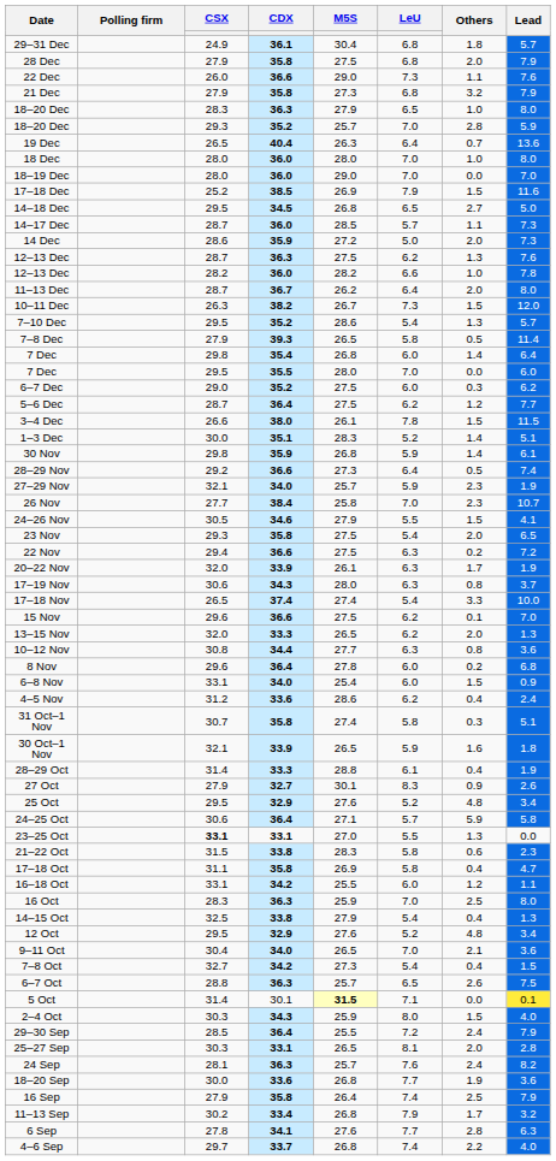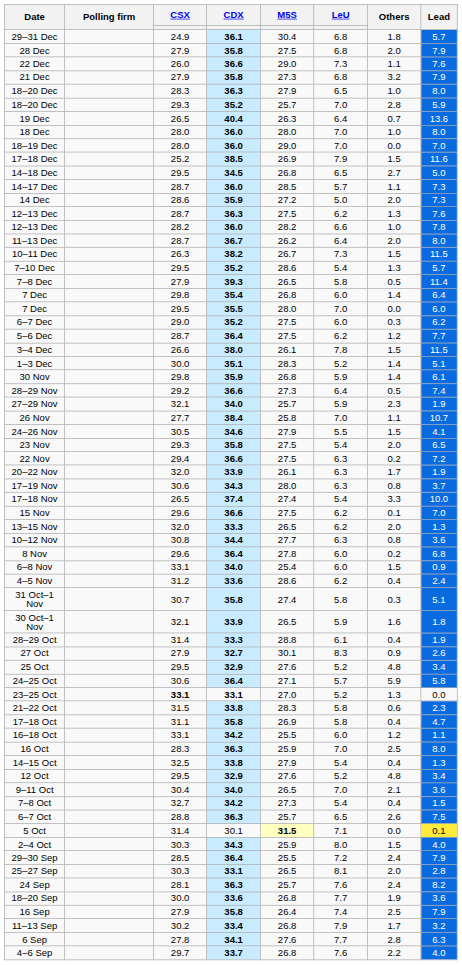 <table class="wikitable collapsible collapsed" style="text-align:center;font-size:85%;line-height:13px">
 <tr style="height:30px; background-color:#E9E9E9">
 <th style="width:80px;" rowspan="2">Date</th>
 <th style="width:120px;" rowspan="2">Polling firm</th>
 <th style="width:70px;"><a href='#'>CSX</a></th>
 <th style="width:70px;"><a href='#'>CDX</a></th>
 <th style="width:70px;"><a href='#'>M5S</a></th>
 <th style="width:70px;"><a href='#'>LeU</a></th>
 <th style="width:70px;" rowspan="2">Others</th>
 <th style="width:45px;" rowspan="2">Lead</th>
 </tr>
 <tr>
 <th style="background:"></th>
 <th style="background:"></th>
 <th style="background:"></th>
 <th style="background:"></th>
 </tr>
 <tr>
 <td>29–31 Dec</td>
 <td></td>
 <td>24.9</td>
 <td style="background:#C8EBFF"><strong>36.1</strong></td>
 <td>30.4</td>
 <td>6.8</td>
 <td>1.8</td>
 <td style="background:#0A6BE1; color:white;">5.7</td>
 </tr>
 <tr>
 <td>28 Dec</td>
 <td></td>
 <td>27.9</td>
 <td style="background:#C8EBFF"><strong>35.8</strong></td>
 <td>27.5</td>
 <td>6.8</td>
 <td>2.0</td>
 <td style="background:#0A6BE1; color:white;">7.9</td>
 </tr>
 <tr>
 <td>22 Dec</td>
 <td> </td>
 <td>26.0</td>
 <td style="background:#C8EBFF"><strong>36.6</strong></td>
 <td>29.0</td>
 <td>7.3</td>
 <td>1.1</td>
 <td style="background:#0A6BE1; color:white;">7.6</td>
 </tr>
 <tr>
 <td>21 Dec</td>
 <td></td>
 <td>27.9</td>
 <td style="background:#C8EBFF"><strong>35.8</strong></td>
 <td>27.3</td>
 <td>6.8</td>
 <td>3.2</td>
 <td style="background:#0A6BE1; color:white;">7.9</td>
 </tr>
 <tr>
 <td>18–20 Dec</td>
 <td></td>
 <td>28.3</td>
 <td style="background:#C8EBFF"><strong>36.3</strong></td>
 <td>27.9</td>
 <td>6.5</td>
 <td>1.0</td>
 <td style="background:#0A6BE1; color:white;">8.0</td>
 </tr>
 <tr>
 <td>18–20 Dec</td>
 <td></td>
 <td>29.3</td>
 <td style="background:#C8EBFF"><strong>35.2</strong></td>
 <td>25.7</td>
 <td>7.0</td>
 <td>2.8</td>
 <td style="background:#0A6BE1; color:white;">5.9</td>
 </tr>
 <tr>
 <td>19 Dec</td>
 <td></td>
 <td>26.5</td>
 <td style="background:#C8EBFF"><strong>40.4</strong></td>
 <td>26.3</td>
 <td>6.4</td>
 <td>0.7</td>
 <td style="background:#0A6BE1; color:white;">13.6</td>
 </tr>
 <tr>
 <td>18 Dec</td>
 <td></td>
 <td>28.0</td>
 <td style="background:#C8EBFF"><strong>36.0</strong></td>
 <td>28.0</td>
 <td>7.0</td>
 <td>1.0</td>
 <td style="background:#0A6BE1; color:white;">8.0</td>
 </tr>
 <tr>
 <td>18–19 Dec</td>
 <td></td>
 <td>28.0</td>
 <td style="background:#C8EBFF"><strong>36.0</strong></td>
 <td>29.0</td>
 <td>7.0</td>
 <td>0.0</td>
 <td style="background:#0A6BE1; color:white;">7.0</td>
 </tr>
 <tr>
 <td>17–18 Dec</td>
 <td></td>
 <td>25.2</td>
 <td style="background:#C8EBFF"><strong>38.5</strong></td>
 <td>26.9</td>
 <td>7.9</td>
 <td>1.5</td>
 <td style="background:#0A6BE1; color:white;">11.6</td>
 </tr>
 <tr>
 <td>14–18 Dec</td>
 <td></td>
 <td>29.5</td>
 <td style="background:#C8EBFF"><strong>34.5</strong></td>
 <td>26.8</td>
 <td>6.5</td>
 <td>2.7</td>
 <td style="background:#0A6BE1; color:white;">5.0</td>
 </tr>
 <tr>
 <td>14–17 Dec</td>
 <td></td>
 <td>28.7</td>
 <td style="background:#C8EBFF"><strong>36.0</strong></td>
 <td>28.5</td>
 <td>5.7</td>
 <td>1.1</td>
 <td style="background:#0A6BE1; color:white;">7.3</td>
 </tr>
 <tr>
 <td>14 Dec</td>
 <td></td>
 <td>28.6</td>
 <td style="background:#C8EBFF"><strong>35.9</strong></td>
 <td>27.2</td>
 <td>5.0</td>
 <td>2.0</td>
 <td style="background:#0A6BE1; color:white;">7.3</td>
 </tr>
 <tr>
 <td>12–13 Dec</td>
 <td></td>
 <td>28.7</td>
 <td style="background:#C8EBFF"><strong>36.3</strong></td>
 <td>27.5</td>
 <td>6.2</td>
 <td>1.3</td>
 <td style="background:#0A6BE1; color:white;">7.6</td>
 </tr>
 <tr>
 <td>12–13 Dec</td>
 <td></td>
 <td>28.2</td>
 <td style="background:#C8EBFF"><strong>36.0</strong></td>
 <td>28.2</td>
 <td>6.6</td>
 <td>1.0</td>
 <td style="background:#0A6BE1; color:white;">7.8</td>
 </tr>
 <tr>
 <td>11–13 Dec</td>
 <td></td>
 <td>28.7</td>
 <td style="background:#C8EBFF"><strong>36.7</strong></td>
 <td>26.2</td>
 <td>6.4</td>
 <td>2.0</td>
 <td style="background:#0A6BE1; color:white;">8.0</td>
 </tr>
 <tr>
 <td>10–11 Dec</td>
 <td></td>
 <td>26.3</td>
 <td style="background:#C8EBFF"><strong>38.2</strong></td>
 <td>26.7</td>
 <td>7.3</td>
 <td>1.5</td>
-<td style="background:#0A6BE1; color:white;">12.0</td>
+<td style="background:#0A6BE1; color:white;">11.5</td>
 </tr>
 <tr>
 <td>7–10 Dec</td>
 <td></td>
 <td>29.5</td>
 <td style="background:#C8EBFF"><strong>35.2</strong></td>
 <td>28.6</td>
 <td>5.4</td>
 <td>1.3</td>
 <td style="background:#0A6BE1; color:white;">5.7</td>
 </tr>
 <tr>
 <td>7–8 Dec</td>
 <td></td>
 <td>27.9</td>
 <td style="background:#C8EBFF"><strong>39.3</strong></td>
 <td>26.5</td>
 <td>5.8</td>
 <td>0.5</td>
 <td style="background:#0A6BE1; color:white;">11.4</td>
 </tr>
 <tr>
 <td>7 Dec</td>
 <td></td>
 <td>29.8</td>
 <td style="background:#C8EBFF"><strong>35.4</strong></td>
 <td>26.8</td>
 <td>6.0</td>
 <td>1.4</td>
 <td style="background:#0A6BE1; color:white;">6.4</td>
 </tr>
 <tr>
 <td>7 Dec</td>
 <td></td>
 <td>29.5</td>
 <td style="background:#C8EBFF"><strong>35.5</strong></td>
 <td>28.0</td>
 <td>7.0</td>
 <td>0.0</td>
 <td style="background:#0A6BE1; color:white;">6.0</td>
 </tr>
 <tr>
 <td>6–7 Dec</td>
 <td></td>
 <td>29.0</td>
 <td style="background:#C8EBFF"><strong>35.2</strong></td>
 <td>27.5</td>
 <td>6.0</td>
 <td>0.3</td>
 <td style="background:#0A6BE1; color:white;">6.2</td>
 </tr>
 <tr>
 <td>5–6 Dec</td>
 <td></td>
 <td>28.7</td>
 <td style="background:#C8EBFF"><strong>36.4</strong></td>
 <td>27.5</td>
 <td>6.2</td>
 <td>1.2</td>
 <td style="background:#0A6BE1; color:white;">7.7</td>
 </tr>
 <tr>
 <td>3–4 Dec</td>
 <td></td>
 <td>26.6</td>
 <td style="background:#C8EBFF"><strong>38.0</strong></td>
 <td>26.1</td>
 <td>7.8</td>
 <td>1.5</td>
 <td style="background:#0A6BE1; color:white;">11.5</td>
 </tr>
 <tr>
 <td>1–3 Dec</td>
 <td></td>
 <td>30.0</td>
 <td style="background:#C8EBFF"><strong>35.1</strong></td>
 <td>28.3</td>
 <td>5.2</td>
 <td>1.4</td>
 <td style="background:#0A6BE1; color:white;">5.1</td>
 </tr>
 <tr>
 <td>30 Nov</td>
 <td></td>
 <td>29.8</td>
 <td style="background:#C8EBFF"><strong>35.9</strong></td>
 <td>26.8</td>
 <td>5.9</td>
 <td>1.4</td>
 <td style="background:#0A6BE1; color:white;">6.1</td>
 </tr>
 <tr>
 <td>28–29 Nov</td>
 <td></td>
 <td>29.2</td>
 <td style="background:#C8EBFF"><strong>36.6</strong></td>
 <td>27.3</td>
 <td>6.4</td>
 <td>0.5</td>
 <td style="background:#0A6BE1; color:white;">7.4</td>
 </tr>
 <tr>
 <td>27–29 Nov</td>
 <td></td>
 <td>32.1</td>
 <td style="background:#C8EBFF"><strong>34.0</strong></td>
 <td>25.7</td>
 <td>5.9</td>
 <td>2.3</td>
 <td style="background:#0A6BE1; color:white;">1.9</td>
 </tr>
 <tr>
 <td>26 Nov</td>
 <td></td>
 <td>27.7</td>
 <td style="background:#C8EBFF"><strong>38.4</strong></td>
 <td>25.8</td>
 <td>7.0</td>
-<td>2.3</td>
+<td>1.1</td>
 <td style="background:#0A6BE1; color:white;">10.7</td>
 </tr>
 <tr>
 <td>24–26 Nov</td>
 <td></td>
 <td>30.5</td>
 <td style="background:#C8EBFF"><strong>34.6</strong></td>
 <td>27.9</td>
 <td>5.5</td>
 <td>1.5</td>
 <td style="background:#0A6BE1; color:white;">4.1</td>
 </tr>
 <tr>
 <td>23 Nov</td>
 <td></td>
 <td>29.3</td>
 <td style="background:#C8EBFF"><strong>35.8</strong></td>
 <td>27.5</td>
 <td>5.4</td>
 <td>2.0</td>
 <td style="background:#0A6BE1; color:white;">6.5</td>
 </tr>
 <tr>
 <td>22 Nov</td>
 <td></td>
 <td>29.4</td>
 <td style="background:#C8EBFF"><strong>36.6</strong></td>
 <td>27.5</td>
 <td>6.3</td>
 <td>0.2</td>
 <td style="background:#0A6BE1; color:white;">7.2</td>
 </tr>
 <tr>
 <td>20–22 Nov</td>
 <td></td>
 <td>32.0</td>
 <td style="background:#C8EBFF"><strong>33.9</strong></td>
 <td>26.1</td>
 <td>6.3</td>
 <td>1.7</td>
 <td style="background:#0A6BE1; color:white;">1.9</td>
 </tr>
 <tr>
 <td>17–19 Nov</td>
 <td></td>
 <td>30.6</td>
 <td style="background:#C8EBFF"><strong>34.3</strong></td>
 <td>28.0</td>
 <td>6.3</td>
 <td>0.8</td>
 <td style="background:#0A6BE1; color:white;">3.7</td>
 </tr>
 <tr>
 <td>17–18 Nov</td>
 <td></td>
 <td>26.5</td>
 <td style="background:#C8EBFF"><strong>37.4</strong></td>
 <td>27.4</td>
 <td>5.4</td>
 <td>3.3</td>
 <td style="background:#0A6BE1; color:white;">10.0</td>
 </tr>
 <tr>
 <td>15 Nov</td>
 <td></td>
 <td>29.6</td>
 <td style="background:#C8EBFF"><strong>36.6</strong></td>
 <td>27.5</td>
 <td>6.2</td>
 <td>0.1</td>
 <td style="background:#0A6BE1; color:white;">7.0</td>
 </tr>
 <tr>
 <td>13–15 Nov</td>
 <td></td>
 <td>32.0</td>
 <td style="background:#C8EBFF"><strong>33.3</strong></td>
 <td>26.5</td>
 <td>6.2</td>
 <td>2.0</td>
 <td style="background:#0A6BE1; color:white;">1.3</td>
 </tr>
 <tr>
 <td>10–12 Nov</td>
 <td></td>
 <td>30.8</td>
 <td style="background:#C8EBFF"><strong>34.4</strong></td>
 <td>27.7</td>
 <td>6.3</td>
 <td>0.8</td>
 <td style="background:#0A6BE1; color:white;">3.6</td>
 </tr>
 <tr>
 <td>8 Nov</td>
 <td></td>
 <td>29.6</td>
 <td style="background:#C8EBFF"><strong>36.4</strong></td>
 <td>27.8</td>
 <td>6.0</td>
 <td>0.2</td>
 <td style="background:#0A6BE1; color:white;">6.8</td>
 </tr>
 <tr>
 <td>6–8 Nov</td>
 <td></td>
 <td>33.1</td>
 <td style="background:#C8EBFF"><strong>34.0</strong></td>
 <td>25.4</td>
 <td>6.0</td>
 <td>1.5</td>
 <td style="background:#0A6BE1; color:white;">0.9</td>
 </tr>
 <tr>
 <td>4–5 Nov</td>
 <td></td>
 <td>31.2</td>
 <td style="background:#C8EBFF"><strong>33.6</strong></td>
 <td>28.6</td>
 <td>6.2</td>
 <td>0.4</td>
 <td style="background:#0A6BE1; color:white;">2.4</td>
 </tr>
 <tr>
 <td>31 Oct–1 Nov</td>
 <td></td>
 <td>30.7</td>
 <td style="background:#C8EBFF"><strong>35.8</strong></td>
 <td>27.4</td>
 <td>5.8</td>
 <td>0.3</td>
 <td style="background:#0A6BE1; color:white;">5.1</td>
 </tr>
 <tr>
 <td>30 Oct–1 Nov</td>
 <td></td>
 <td>32.1</td>
 <td style="background:#C8EBFF"><strong>33.9</strong></td>
 <td>26.5</td>
 <td>5.9</td>
 <td>1.6</td>
 <td style="background:#0A6BE1; color:white;">1.8</td>
 </tr>
 <tr>
 <td>28–29 Oct</td>
 <td></td>
 <td>31.4</td>
 <td style="background:#C8EBFF"><strong>33.3</strong></td>
 <td>28.8</td>
 <td>6.1</td>
 <td>0.4</td>
 <td style="background:#0A6BE1; color:white;">1.9</td>
 </tr>
 <tr>
 <td>27 Oct</td>
 <td></td>
 <td>27.9</td>
 <td style="background:#C8EBFF"><strong>32.7</strong></td>
 <td>30.1</td>
 <td>8.3</td>
 <td>0.9</td>
 <td style="background:#0A6BE1; color:white;">2.6</td>
 </tr>
 <tr>
 <td>25 Oct</td>
 <td></td>
 <td>29.5</td>
 <td style="background:#C8EBFF"><strong>32.9</strong></td>
 <td>27.6</td>
 <td>5.2</td>
 <td>4.8</td>
 <td style="background:#0A6BE1; color:white;">3.4</td>
 </tr>
 <tr>
 <td>24–25 Oct</td>
 <td></td>
 <td>30.6</td>
 <td style="background:#C8EBFF"><strong>36.4</strong></td>
 <td>27.1</td>
 <td>5.7</td>
 <td>5.9</td>
 <td style="background:#0A6BE1; color:white;">5.8</td>
 </tr>
 <tr>
 <td>23–25 Oct</td>
 <td></td>
 <td><strong>33.1</strong></td>
 <td><strong>33.1</strong></td>
 <td>27.0</td>
-<td>5.5</td>
+<td>5.2</td>
 <td>1.3</td>
 <td>0.0</td>
 </tr>
 <tr>
 <td>21–22 Oct</td>
 <td></td>
 <td>31.5</td>
 <td style="background:#C8EBFF"><strong>33.8</strong></td>
 <td>28.3</td>
 <td>5.8</td>
 <td>0.6</td>
 <td style="background:#0A6BE1; color:white;">2.3</td>
 </tr>
 <tr>
 <td>17–18 Oct</td>
 <td></td>
 <td>31.1</td>
 <td style="background:#C8EBFF"><strong>35.8</strong></td>
 <td>26.9</td>
 <td>5.8</td>
 <td>0.4</td>
 <td style="background:#0A6BE1; color:white;">4.7</td>
 </tr>
 <tr>
 <td>16–18 Oct</td>
 <td></td>
 <td>33.1</td>
 <td style="background:#C8EBFF"><strong>34.2</strong></td>
 <td>25.5</td>
 <td>6.0</td>
 <td>1.2</td>
 <td style="background:#0A6BE1; color:white;">1.1</td>
 </tr>
 <tr>
 <td>16 Oct</td>
 <td></td>
 <td>28.3</td>
 <td style="background:#C8EBFF"><strong>36.3</strong></td>
 <td>25.9</td>
 <td>7.0</td>
 <td>2.5</td>
 <td style="background:#0A6BE1; color:white;">8.0</td>
 </tr>
 <tr>
 <td>14–15 Oct</td>
 <td></td>
 <td>32.5</td>
 <td style="background:#C8EBFF"><strong>33.8</strong></td>
 <td>27.9</td>
 <td>5.4</td>
 <td>0.4</td>
 <td style="background:#0A6BE1; color:white;">1.3</td>
 </tr>
 <tr>
 <td>12 Oct</td>
 <td></td>
 <td>29.5</td>
 <td style="background:#C8EBFF"><strong>32.9</strong></td>
 <td>27.6</td>
 <td>5.2</td>
 <td>4.8</td>
 <td style="background:#0A6BE1; color:white;">3.4</td>
 </tr>
 <tr>
 <td>9–11 Oct</td>
 <td></td>
 <td>30.4</td>
 <td style="background:#C8EBFF"><strong>34.0</strong></td>
 <td>26.5</td>
 <td>7.0</td>
 <td>2.1</td>
 <td style="background:#0A6BE1; color:white;">3.6</td>
 </tr>
 <tr>
 <td>7–8 Oct</td>
 <td></td>
 <td>32.7</td>
 <td style="background:#C8EBFF"><strong>34.2</strong></td>
 <td>27.3</td>
 <td>5.4</td>
 <td>0.4</td>
 <td style="background:#0A6BE1; color:white;">1.5</td>
 </tr>
 <tr>
 <td>6–7 Oct</td>
 <td></td>
 <td>28.8</td>
 <td style="background:#C8EBFF"><strong>36.3</strong></td>
 <td>25.7</td>
 <td>6.5</td>
 <td>2.6</td>
 <td style="background:#0A6BE1; color:white;">7.5</td>
 </tr>
 <tr>
 <td>5 Oct</td>
 <td></td>
 <td>31.4</td>
 <td>30.1</td>
 <td style="background:#FFFFBF;"><strong>31.5</strong></td>
 <td>7.1</td>
 <td>0.0</td>
 <td style="background:#FFEB3B;">0.1</td>
 </tr>
 <tr>
 <td>2–4 Oct</td>
 <td></td>
 <td>30.3</td>
 <td style="background:#C8EBFF"><strong>34.3</strong></td>
 <td>25.9</td>
 <td>8.0</td>
 <td>1.5</td>
 <td style="background:#0A6BE1; color:white;">4.0</td>
 </tr>
 <tr>
 <td>29–30 Sep</td>
 <td></td>
 <td>28.5</td>
 <td style="background:#C8EBFF"><strong>36.4</strong></td>
 <td>25.5</td>
 <td>7.2</td>
 <td>2.4</td>
 <td style="background:#0A6BE1; color:white;">7.9</td>
 </tr>
 <tr>
 <td>25–27 Sep</td>
 <td></td>
 <td>30.3</td>
 <td style="background:#C8EBFF"><strong>33.1</strong></td>
 <td>26.5</td>
 <td>8.1</td>
 <td>2.0</td>
 <td style="background:#0A6BE1; color:white;">2.8</td>
 </tr>
 <tr>
 <td>24 Sep</td>
 <td></td>
 <td>28.1</td>
 <td style="background:#C8EBFF"><strong>36.3</strong></td>
 <td>25.7</td>
 <td>7.6</td>
 <td>2.4</td>
 <td style="background:#0A6BE1; color:white;">8.2</td>
 </tr>
 <tr>
 <td>18–20 Sep</td>
 <td></td>
 <td>30.0</td>
 <td style="background:#C8EBFF"><strong>33.6</strong></td>
 <td>26.8</td>
 <td>7.7</td>
 <td>1.9</td>
 <td style="background:#0A6BE1; color:white;">3.6</td>
 </tr>
 <tr>
 <td>16 Sep</td>
 <td></td>
 <td>27.9</td>
 <td style="background:#C8EBFF"><strong>35.8</strong></td>
 <td>26.4</td>
 <td>7.4</td>
 <td>2.5</td>
 <td style="background:#0A6BE1; color:white;">7.9</td>
 </tr>
 <tr>
 <td>11–13 Sep</td>
 <td></td>
 <td>30.2</td>
 <td style="background:#C8EBFF"><strong>33.4</strong></td>
 <td>26.8</td>
 <td>7.9</td>
 <td>1.7</td>
 <td style="background:#0A6BE1; color:white;">3.2</td>
 </tr>
 <tr>
 <td>6 Sep</td>
 <td></td>
 <td>27.8</td>
 <td style="background:#C8EBFF"><strong>34.1</strong></td>
 <td>27.6</td>
 <td>7.7</td>
 <td>2.8</td>
 <td style="background:#0A6BE1; color:white;">6.3</td>
 </tr>
 <tr>
 <td>4–6 Sep</td>
 <td></td>
 <td>29.7</td>
 <td style="background:#C8EBFF"><strong>33.7</strong></td>
 <td>26.8</td>
-<td>7.4</td>
+<td>7.6</td>
 <td>2.2</td>
 <td style="background:#0A6BE1; color:white;">4.0</td>
 </tr>
 </table>
